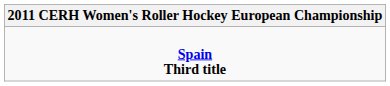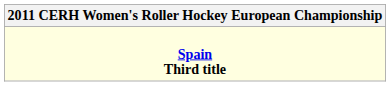 <table class=wikitable style="text-align:center; margin:auto">
 <tr>
 <th>2011 CERH Women's Roller Hockey European Championship</th>
 </tr>
 <tr>
-<td> <br> <strong><a href='#'>Spain</a></strong> <br> <strong>Third title</strong></td>
+<td style="background: lightyellow;"> <br> <strong><a href='#'>Spain</a></strong> <br> <strong>Third title</strong></td>
 </tr>
 </table>
